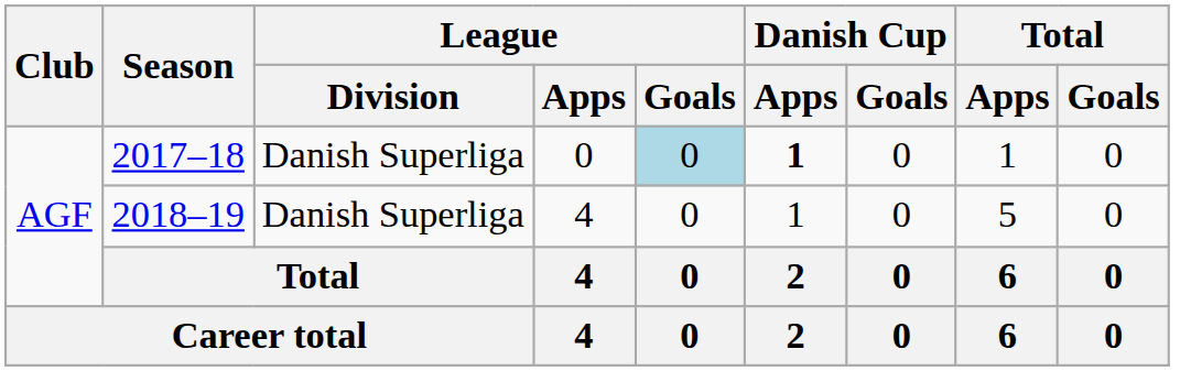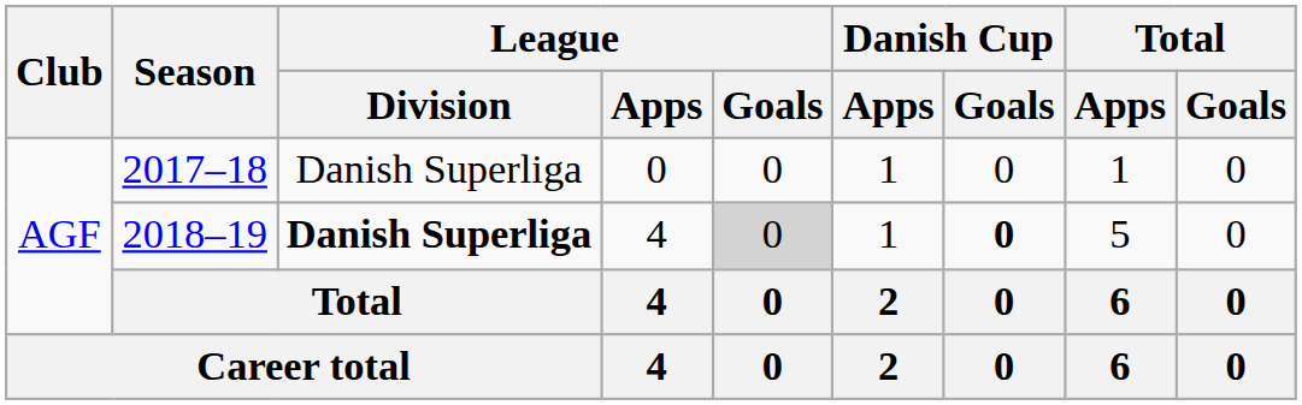 <table class="wikitable" style="text-align: center;">
 <tr>
 <th rowspan=2>Club</th>
 <th rowspan=2>Season</th>
 <th colspan=3>League</th>
 <th colspan=2>Danish Cup</th>
 <th colspan=2>Total</th>
 </tr>
 <tr>
 <th>Division</th>
 <th>Apps</th>
 <th>Goals</th>
 <th>Apps</th>
 <th>Goals</th>
 <th>Apps</th>
 <th>Goals</th>
 </tr>
 <tr>
 <td rowspan=3><a href='#'>AGF</a></td>
 <td><a href='#'>2017–18</a></td>
 <td>Danish Superliga</td>
 <td>0</td>
-<td style="background: lightblue;">0</td>
-<td><strong>1</strong></td>
+<td>0</td>
+<td>1</td>
 <td>0</td>
 <td>1</td>
 <td>0</td>
 </tr>
 <tr>
 <td><a href='#'>2018–19</a></td>
-<td>Danish Superliga</td>
+<td><strong>Danish Superliga</strong></td>
 <td>4</td>
-<td>0</td>
+<td style="background: lightgrey;">0</td>
 <td>1</td>
-<td>0</td>
+<td><strong>0</strong></td>
 <td>5</td>
 <td>0</td>
 </tr>
 <tr>
 <th colspan=2>Total</th>
 <th>4</th>
 <th>0</th>
 <th>2</th>
 <th>0</th>
 <th>6</th>
 <th>0</th>
 </tr>
 <tr>
 <th colspan=3>Career total</th>
 <th>4</th>
 <th>0</th>
 <th>2</th>
 <th>0</th>
 <th>6</th>
 <th>0</th>
 </tr>
 </table>
